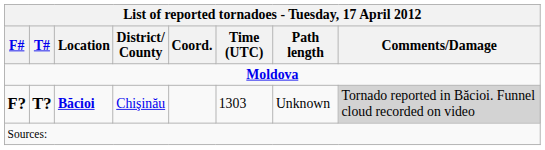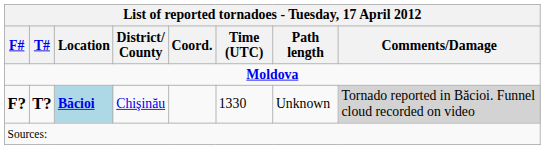 <table class="wikitable collapsible" width="100%">
 <tr>
 <th colspan="8">List of reported tornadoes - Tuesday, 17 April 2012</th>
 </tr>
 <tr>
 <th><a href='#'>F#</a></th>
 <th><a href='#'>T#</a></th>
 <th>Location</th>
 <th>District/<br>County</th>
 <th>Coord.</th>
 <th>Time (UTC)</th>
 <th>Path length</th>
 <th>Comments/Damage</th>
 </tr>
 <tr>
 <td colspan="8" align=center><strong><a href='#'>Moldova</a></strong></td>
 </tr>
 <tr>
 <td><big><strong>F?</strong></big></td>
 <td><big><strong>T?</strong></big></td>
-<td><strong><a href='#'>Băcioi</a></strong></td>
+<td style="background: lightblue;"><strong><a href='#'>Băcioi</a></strong></td>
 <td><a href='#'>Chişinău</a></td>
 <td></td>
-<td>1303</td>
+<td>1330</td>
 <td>Unknown</td>
 <td style="background: lightgrey;">Tornado reported in Băcioi. Funnel cloud recorded on video</td>
 </tr>
 <tr>
 <td colspan="8"><small>Sources:  </small></td>
 </tr>
 </table>
